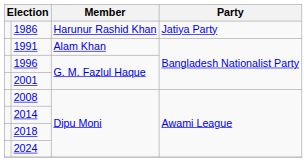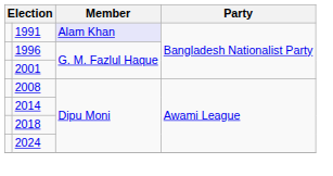 <table class="wikitable">
 <tr>
 <th colspan="2">Election</th>
 <th>Member</th>
 <th>Party</th>
 </tr>
 <tr>
 <td style="background-color:"></td>
-<td><a href='#'>1986</a></td>
-<td><a href='#'>Harunur Rashid Khan</a></td>
-<td><a href='#'>Jatiya Party</a></td>
-</tr>
-<tr>
-<td style="background-color:"></td>
 <td><a href='#'>1991</a></td>
-<td><a href='#'>Alam Khan</a></td>
+<td style="background: lavender;"><a href='#'>Alam Khan</a></td>
 <td rowspan="3"><a href='#'>Bangladesh Nationalist Party</a></td>
 </tr>
 <tr>
 <td style="background-color:"></td>
 <td><a href='#'>1996</a></td>
 <td rowspan="2"><a href='#'>G. M. Fazlul Haque</a></td>
 </tr>
 <tr>
 <td style="background-color:"></td>
 <td><a href='#'>2001</a></td>
 </tr>
 <tr>
 <td style="background-color:"></td>
 <td><a href='#'>2008</a></td>
 <td rowspan="4"><a href='#'>Dipu Moni</a></td>
 <td rowspan="4"><a href='#'>Awami League</a></td>
 </tr>
 <tr>
 <td style="background-color:"></td>
 <td><a href='#'>2014</a></td>
 </tr>
 <tr>
 <td style="background-color:"></td>
 <td><a href='#'>2018</a></td>
 </tr>
 <tr>
 <td style="background-color:"></td>
 <td><a href='#'>2024</a></td>
 </tr>
 <tr>
 </tr>
 </table>
